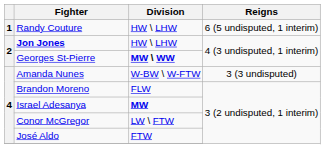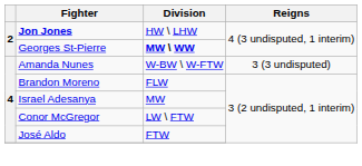 <table class=wikitable>
 <tr>
 <th></th>
 <th width=180>Fighter</th>
 <th>Division</th>
 <th>Reigns</th>
-</tr>
-<tr>
-<th>1</th>
-<td> <a href='#'>Randy Couture</a></td>
-<td><a href='#'>HW</a> \ <a href='#'>LHW</a></td>
-<td align=center>6 (5 undisputed, 1 interim)</td>
 </tr>
 <tr>
 <th rowspan=2>2</th>
 <td> <strong><a href='#'>Jon Jones</a></strong></td>
 <td><a href='#'>HW</a> \ <a href='#'>LHW</a></td>
 <td rowspan=2 align=center>4 (3 undisputed, 1 interim)</td>
 </tr>
 <tr>
 <td> <a href='#'>Georges St-Pierre</a></td>
 <td><strong><a href='#'>MW</a> \ <a href='#'>WW</a></strong></td>
 </tr>
 <tr>
 <th rowspan=5>4</th>
 <td> <a href='#'>Amanda Nunes</a></td>
 <td><a href='#'>W-BW</a> \ <a href='#'>W-FTW</a></td>
 <td align=center>3 (3 undisputed)</td>
 </tr>
 <tr>
 <td> <a href='#'>Brandon Moreno</a></td>
 <td><a href='#'>FLW</a></td>
 <td rowspan=5 align=center>3 (2 undisputed, 1 interim)</td>
 </tr>
 <tr>
 <td> <a href='#'>Israel Adesanya</a></td>
-<td><strong><a href='#'>MW</a></strong></td>
+<td><a href='#'>MW</a></td>
 </tr>
 <tr>
 <td> <a href='#'>Conor McGregor</a></td>
 <td><a href='#'>LW</a> \ <a href='#'>FTW</a></td>
 </tr>
 <tr>
 <td> <a href='#'>José Aldo</a></td>
 <td><a href='#'>FTW</a></td>
 </tr>
 <tr>
 </tr>
 </table>
